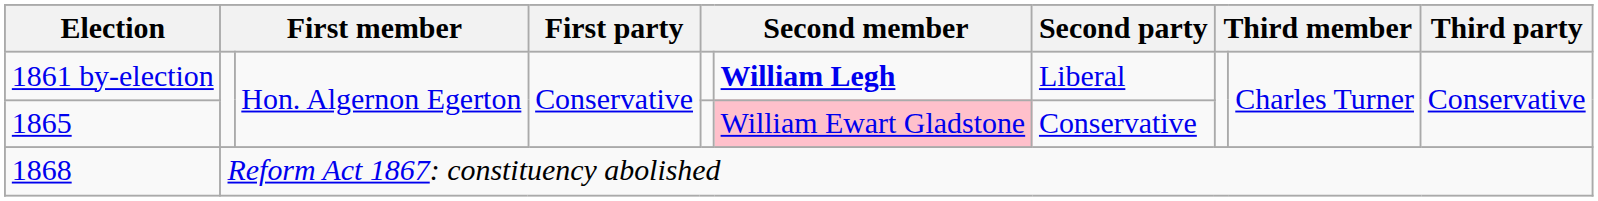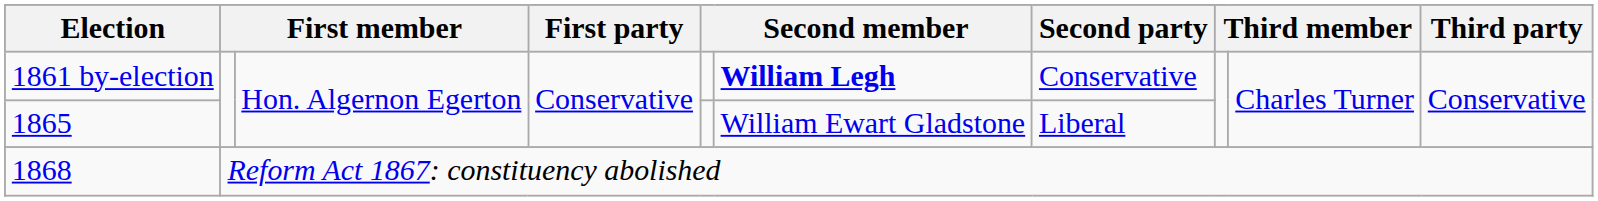 <table class="wikitable">
 <tr>
 <th>Election</th>
 <th colspan="2">First member</th>
 <th>First party</th>
 <th colspan="2">Second member</th>
 <th>Second party</th>
 <th colspan="2">Third member</th>
 <th>Third party</th>
 </tr>
 <tr>
 <td><a href='#'>1861 by-election</a></td>
 <td rowspan="2" style="color:inherit;background-color: "></td>
 <td rowspan="2"><a href='#'>Hon. Algernon Egerton</a></td>
 <td rowspan="2"><a href='#'>Conservative</a></td>
 <td style="color:inherit;background-color: "></td>
 <td><strong><a href='#'>William Legh</a></strong></td>
-<td><a href='#'>Liberal</a></td>
+<td><a href='#'>Conservative</a></td>
 <td rowspan="2" style="color:inherit;background-color: "></td>
 <td rowspan="2"><a href='#'>Charles Turner</a></td>
 <td rowspan="2"><a href='#'>Conservative</a></td>
 </tr>
 <tr>
 <td><a href='#'>1865</a></td>
 <td style="color:inherit;background-color: "></td>
-<td style="background: pink;"><a href='#'>William Ewart Gladstone</a></td>
-<td><a href='#'>Conservative</a></td>
+<td><a href='#'>William Ewart Gladstone</a></td>
+<td><a href='#'>Liberal</a></td>
 </tr>
 <tr>
 <td><a href='#'>1868</a></td>
 <td colspan="9"><em><a href='#'>Reform Act 1867</a>: constituency abolished</em></td>
 </tr>
 </table>
